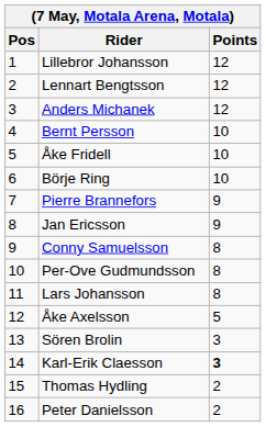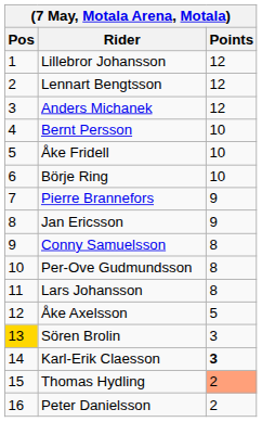 <table class="wikitable">
 <tr>
 <th colspan="6">(7 May, <a href='#'>Motala Arena</a>, <a href='#'>Motala</a>)</th>
 </tr>
 <tr>
 <th width=20>Pos</th>
 <th width=180>Rider</th>
 <th width=40>Points</th>
 </tr>
 <tr>
 <td>1</td>
 <td style="text-align:left;">Lillebror Johansson</td>
 <td>12</td>
 </tr>
 <tr>
 <td>2</td>
 <td style="text-align:left;">Lennart Bengtsson</td>
 <td>12</td>
 </tr>
 <tr>
 <td>3</td>
 <td style="text-align:left;"><a href='#'>Anders Michanek</a></td>
 <td>12</td>
 </tr>
 <tr>
 <td>4</td>
 <td style="text-align:left;"><a href='#'>Bernt Persson</a></td>
 <td>10</td>
 </tr>
 <tr>
 <td>5</td>
 <td style="text-align:left;">Åke Fridell</td>
 <td>10</td>
 </tr>
 <tr>
 <td>6</td>
 <td style="text-align:left;">Börje Ring</td>
 <td>10</td>
 </tr>
 <tr>
 <td>7</td>
 <td style="text-align:left;"><a href='#'>Pierre Brannefors</a></td>
 <td>9</td>
 </tr>
 <tr>
 <td>8</td>
 <td style="text-align:left;">Jan Ericsson</td>
 <td>9</td>
 </tr>
 <tr>
 <td>9</td>
 <td style="text-align:left;"><a href='#'>Conny Samuelsson</a></td>
 <td>8</td>
 </tr>
 <tr>
 <td>10</td>
 <td style="text-align:left;">Per-Ove Gudmundsson</td>
 <td>8</td>
 </tr>
 <tr>
 <td>11</td>
 <td style="text-align:left;">Lars Johansson</td>
 <td>8</td>
 </tr>
 <tr>
 <td>12</td>
 <td style="text-align:left;">Åke Axelsson</td>
 <td>5</td>
 </tr>
 <tr>
-<td>13</td>
+<td style="background: gold;">13</td>
 <td style="text-align:left;">Sören Brolin</td>
 <td>3</td>
 </tr>
 <tr>
 <td>14</td>
 <td style="text-align:left;">Karl-Erik Claesson</td>
 <td><strong>3</strong></td>
 </tr>
 <tr>
 <td>15</td>
 <td style="text-align:left;">Thomas Hydling</td>
-<td>2</td>
+<td style="background: lightsalmon;">2</td>
 </tr>
 <tr>
 <td>16</td>
 <td style="text-align:left;">Peter Danielsson</td>
 <td>2</td>
 </tr>
 </table>
